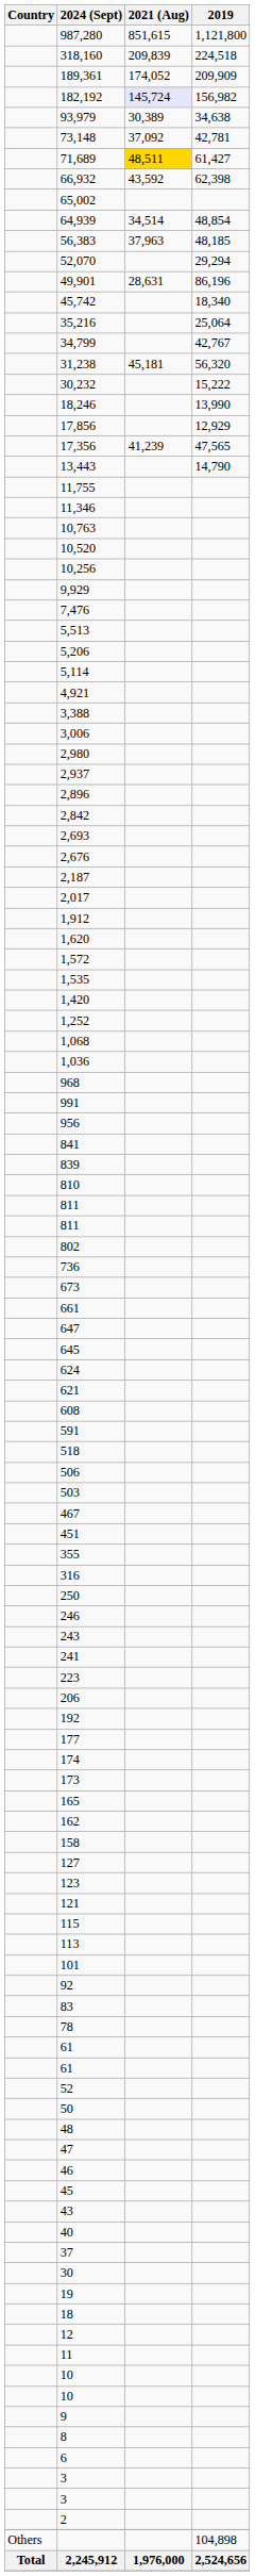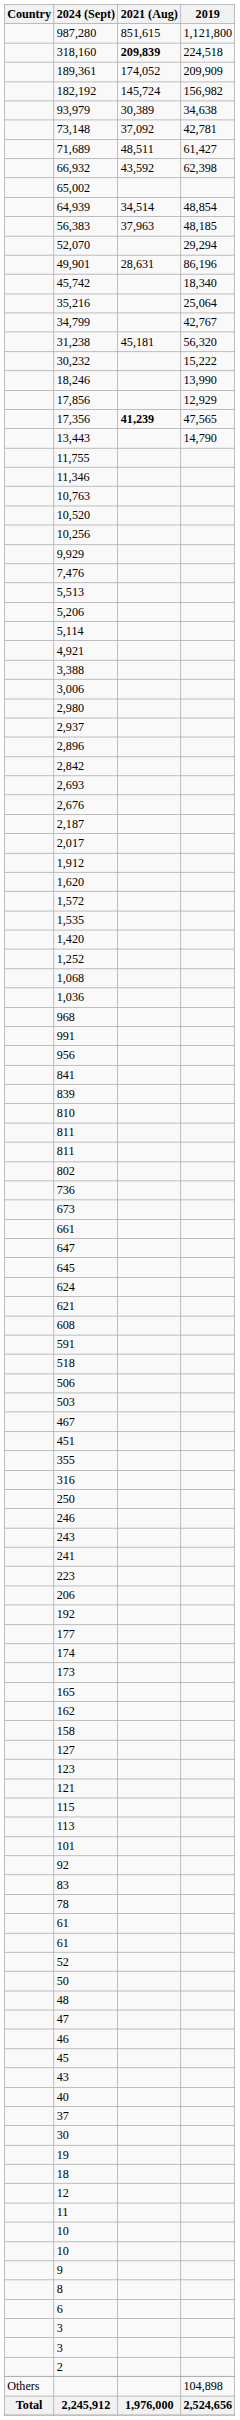 <table class="wikitable sortable static-row-numbers">
 <tr>
 <th>Country</th>
 <th>2024 (Sept)</th>
 <th>2021 (Aug)</th>
 <th>2019</th>
 </tr>
 <tr>
 <td></td>
 <td>987,280</td>
 <td>851,615</td>
 <td>1,121,800</td>
 </tr>
 <tr>
 <td></td>
 <td>318,160</td>
-<td>209,839</td>
+<td><strong>209,839</strong></td>
 <td>224,518</td>
 </tr>
 <tr>
 <td></td>
 <td>189,361</td>
 <td>174,052</td>
 <td>209,909</td>
 </tr>
 <tr>
 <td></td>
 <td>182,192</td>
-<td style="background: lavender;">145,724</td>
+<td>145,724</td>
 <td>156,982</td>
 </tr>
 <tr>
 <td></td>
 <td>93,979</td>
 <td>30,389</td>
 <td>34,638</td>
 </tr>
 <tr>
 <td></td>
 <td>73,148</td>
 <td>37,092</td>
 <td>42,781</td>
 </tr>
 <tr>
 <td></td>
 <td>71,689</td>
-<td style="background: gold;">48,511</td>
+<td>48,511</td>
 <td>61,427</td>
 </tr>
 <tr>
 <td></td>
 <td>66,932</td>
 <td>43,592</td>
 <td>62,398</td>
 </tr>
 <tr>
 <td></td>
 <td>65,002</td>
 <td></td>
 <td></td>
 </tr>
 <tr>
 <td></td>
 <td>64,939</td>
 <td>34,514</td>
 <td>48,854</td>
 </tr>
 <tr>
 <td></td>
 <td>56,383</td>
 <td>37,963</td>
 <td>48,185</td>
 </tr>
 <tr>
 <td></td>
 <td>52,070</td>
 <td></td>
 <td>29,294</td>
 </tr>
 <tr>
 <td></td>
 <td>49,901</td>
 <td>28,631</td>
 <td>86,196</td>
 </tr>
 <tr>
 <td></td>
 <td>45,742</td>
 <td></td>
 <td>18,340</td>
 </tr>
 <tr>
 <td></td>
 <td>35,216</td>
 <td></td>
 <td>25,064</td>
 </tr>
 <tr>
 <td></td>
 <td>34,799</td>
 <td></td>
 <td>42,767</td>
 </tr>
 <tr>
 <td></td>
 <td>31,238</td>
 <td>45,181</td>
 <td>56,320</td>
 </tr>
 <tr>
 <td></td>
 <td>30,232</td>
 <td></td>
 <td>15,222</td>
 </tr>
 <tr>
 <td></td>
 <td>18,246</td>
 <td></td>
 <td>13,990</td>
 </tr>
 <tr>
 <td></td>
 <td>17,856</td>
 <td></td>
 <td>12,929</td>
 </tr>
 <tr>
 <td></td>
 <td>17,356</td>
-<td>41,239</td>
+<td><strong>41,239</strong></td>
 <td>47,565</td>
 </tr>
 <tr>
 <td></td>
 <td>13,443</td>
 <td></td>
 <td>14,790</td>
 </tr>
 <tr>
 <td></td>
 <td>11,755</td>
 <td></td>
 <td></td>
 </tr>
 <tr>
 <td></td>
 <td>11,346</td>
 <td></td>
 <td></td>
 </tr>
 <tr>
 <td></td>
 <td>10,763</td>
 <td></td>
 <td></td>
 </tr>
 <tr>
 <td></td>
 <td>10,520</td>
 <td></td>
 <td></td>
 </tr>
 <tr>
 <td></td>
 <td>10,256</td>
 <td></td>
 <td></td>
 </tr>
 <tr>
 <td></td>
 <td>9,929</td>
 <td></td>
 <td></td>
 </tr>
 <tr>
 <td></td>
 <td>7,476</td>
 <td></td>
 <td></td>
 </tr>
 <tr>
 <td></td>
 <td>5,513</td>
 <td></td>
 <td></td>
 </tr>
 <tr>
 <td></td>
 <td>5,206</td>
 <td></td>
 <td></td>
 </tr>
 <tr>
 <td></td>
 <td>5,114</td>
 <td></td>
 <td></td>
 </tr>
 <tr>
 <td></td>
 <td>4,921</td>
 <td></td>
 <td></td>
 </tr>
 <tr>
 <td></td>
 <td>3,388</td>
 <td></td>
 <td></td>
 </tr>
 <tr>
 <td></td>
 <td>3,006</td>
 <td></td>
 <td></td>
 </tr>
 <tr>
 <td></td>
 <td>2,980</td>
 <td></td>
 <td></td>
 </tr>
 <tr>
 <td></td>
 <td>2,937</td>
 <td></td>
 <td></td>
 </tr>
 <tr>
 <td></td>
 <td>2,896</td>
 <td></td>
 <td></td>
 </tr>
 <tr>
 <td></td>
 <td>2,842</td>
 <td></td>
 <td></td>
 </tr>
 <tr>
 <td></td>
 <td>2,693</td>
 <td></td>
 <td></td>
 </tr>
 <tr>
 <td></td>
 <td>2,676</td>
 <td></td>
 <td></td>
 </tr>
 <tr>
 <td></td>
 <td>2,187</td>
 <td></td>
 <td></td>
 </tr>
 <tr>
 <td></td>
 <td>2,017</td>
 <td></td>
 <td></td>
 </tr>
 <tr>
 <td></td>
 <td>1,912</td>
 <td></td>
 <td></td>
 </tr>
 <tr>
 <td></td>
 <td>1,620</td>
 <td></td>
 <td></td>
 </tr>
 <tr>
 <td></td>
 <td>1,572</td>
 <td></td>
 <td></td>
 </tr>
 <tr>
 <td></td>
 <td>1,535</td>
 <td></td>
 <td></td>
 </tr>
 <tr>
 <td></td>
 <td>1,420</td>
 <td></td>
 <td></td>
 </tr>
 <tr>
 <td></td>
 <td>1,252</td>
 <td></td>
 <td></td>
 </tr>
 <tr>
 <td></td>
 <td>1,068</td>
 <td></td>
 <td></td>
 </tr>
 <tr>
 <td></td>
 <td>1,036</td>
 <td></td>
 <td></td>
 </tr>
 <tr>
 <td></td>
 <td>968</td>
 <td></td>
 <td></td>
 </tr>
 <tr>
 <td></td>
 <td>991</td>
 <td></td>
 <td></td>
 </tr>
 <tr>
 <td></td>
 <td>956</td>
 <td></td>
 <td></td>
 </tr>
 <tr>
 <td></td>
 <td>841</td>
 <td></td>
 <td></td>
 </tr>
 <tr>
 <td></td>
 <td>839</td>
 <td></td>
 <td></td>
 </tr>
 <tr>
 <td></td>
 <td>810</td>
 <td></td>
 <td></td>
 </tr>
 <tr>
 <td></td>
 <td>811</td>
 <td></td>
 <td></td>
 </tr>
 <tr>
 <td></td>
 <td>811</td>
 <td></td>
 <td></td>
 </tr>
 <tr>
 <td></td>
 <td>802</td>
 <td></td>
 <td></td>
 </tr>
 <tr>
 <td></td>
 <td>736</td>
 <td></td>
 <td></td>
 </tr>
 <tr>
 <td></td>
 <td>673</td>
 <td></td>
 <td></td>
 </tr>
 <tr>
 <td></td>
 <td>661</td>
 <td></td>
 <td></td>
 </tr>
 <tr>
 <td></td>
 <td>647</td>
 <td></td>
 <td></td>
 </tr>
 <tr>
 <td></td>
 <td>645</td>
 <td></td>
 <td></td>
 </tr>
 <tr>
 <td></td>
 <td>624</td>
 <td></td>
 <td></td>
 </tr>
 <tr>
 <td></td>
 <td>621</td>
 <td></td>
 <td></td>
 </tr>
 <tr>
 <td></td>
 <td>608</td>
 <td></td>
 <td></td>
 </tr>
 <tr>
 <td></td>
 <td>591</td>
 <td></td>
 <td></td>
 </tr>
 <tr>
 <td></td>
 <td>518</td>
 <td></td>
 <td></td>
 </tr>
 <tr>
 <td></td>
 <td>506</td>
 <td></td>
 <td></td>
 </tr>
 <tr>
 <td></td>
 <td>503</td>
 <td></td>
 <td></td>
 </tr>
 <tr>
 <td></td>
 <td>467</td>
 <td></td>
 <td></td>
 </tr>
 <tr>
 <td></td>
 <td>451</td>
 <td></td>
 <td></td>
 </tr>
 <tr>
 <td></td>
 <td>355</td>
 <td></td>
 <td></td>
 </tr>
 <tr>
 <td></td>
 <td>316</td>
 <td></td>
 <td></td>
 </tr>
 <tr>
 <td></td>
 <td>250</td>
 <td></td>
 <td></td>
 </tr>
 <tr>
 <td></td>
 <td>246</td>
 <td></td>
 <td></td>
 </tr>
 <tr>
 <td></td>
 <td>243</td>
 <td></td>
 <td></td>
 </tr>
 <tr>
 <td></td>
 <td>241</td>
 <td></td>
 <td></td>
 </tr>
 <tr>
 <td></td>
 <td>223</td>
 <td></td>
 <td></td>
 </tr>
 <tr>
 <td></td>
 <td>206</td>
 <td></td>
 <td></td>
 </tr>
 <tr>
 <td></td>
 <td>192</td>
 <td></td>
 <td></td>
 </tr>
 <tr>
 <td></td>
 <td>177</td>
 <td></td>
 <td></td>
 </tr>
 <tr>
 <td></td>
 <td>174</td>
 <td></td>
 <td></td>
 </tr>
 <tr>
 <td></td>
 <td>173</td>
 <td></td>
 <td></td>
 </tr>
 <tr>
 <td></td>
 <td>165</td>
 <td></td>
 <td></td>
 </tr>
 <tr>
 <td></td>
 <td>162</td>
 <td></td>
 <td></td>
 </tr>
 <tr>
 <td></td>
 <td>158</td>
 <td></td>
 <td></td>
 </tr>
 <tr>
 <td></td>
 <td>127</td>
 <td></td>
 <td></td>
 </tr>
 <tr>
 <td></td>
 <td>123</td>
 <td></td>
 <td></td>
 </tr>
 <tr>
 <td></td>
 <td>121</td>
 <td></td>
 <td></td>
 </tr>
 <tr>
 <td></td>
 <td>115</td>
 <td></td>
 <td></td>
 </tr>
 <tr>
 <td></td>
 <td>113</td>
 <td></td>
 <td></td>
 </tr>
 <tr>
 <td></td>
 <td>101</td>
 <td></td>
 <td></td>
 </tr>
 <tr>
 <td></td>
 <td>92</td>
 <td></td>
 <td></td>
 </tr>
 <tr>
 <td></td>
 <td>83</td>
 <td></td>
 <td></td>
 </tr>
 <tr>
 <td></td>
 <td>78</td>
 <td></td>
 <td></td>
 </tr>
 <tr>
 <td></td>
 <td>61</td>
 <td></td>
 <td></td>
 </tr>
 <tr>
 <td></td>
 <td>61</td>
 <td></td>
 <td></td>
 </tr>
 <tr>
 <td></td>
 <td>52</td>
 <td></td>
 <td></td>
 </tr>
 <tr>
 <td></td>
 <td>50</td>
 <td></td>
 <td></td>
 </tr>
 <tr>
 <td></td>
 <td>48</td>
 <td></td>
 <td></td>
 </tr>
 <tr>
 <td></td>
 <td>47</td>
 <td></td>
 <td></td>
 </tr>
 <tr>
 <td></td>
 <td>46</td>
 <td></td>
 <td></td>
 </tr>
 <tr>
 <td></td>
 <td>45</td>
 <td></td>
 <td></td>
 </tr>
 <tr>
 <td></td>
 <td>43</td>
 <td></td>
 <td></td>
 </tr>
 <tr>
 <td></td>
 <td>40</td>
 <td></td>
 <td></td>
 </tr>
 <tr>
 <td></td>
 <td>37</td>
 <td></td>
 <td></td>
 </tr>
 <tr>
 <td></td>
 <td>30</td>
 <td></td>
 <td></td>
 </tr>
 <tr>
 <td></td>
 <td>19</td>
 <td></td>
 <td></td>
 </tr>
 <tr>
 <td></td>
 <td>18</td>
 <td></td>
 <td></td>
 </tr>
 <tr>
 <td></td>
 <td>12</td>
 <td></td>
 <td></td>
 </tr>
 <tr>
 <td></td>
 <td>11</td>
 <td></td>
 <td></td>
 </tr>
 <tr>
 <td></td>
 <td>10</td>
 <td></td>
 <td></td>
 </tr>
 <tr>
 <td></td>
 <td>10</td>
 <td></td>
 <td></td>
 </tr>
 <tr>
 <td></td>
 <td>9</td>
 <td></td>
 <td></td>
 </tr>
 <tr>
 <td></td>
 <td>8</td>
 <td></td>
 <td></td>
 </tr>
 <tr>
 <td></td>
 <td>6</td>
 <td></td>
 <td></td>
 </tr>
 <tr>
 <td></td>
 <td>3</td>
 <td></td>
 <td></td>
 </tr>
 <tr>
 <td></td>
 <td>3</td>
 <td></td>
 <td></td>
 </tr>
 <tr>
 <td></td>
 <td>2</td>
 <td></td>
 <td></td>
 </tr>
 <tr>
 </tr>
 <tr class="sortbottom">
 <td>Others</td>
 <td></td>
 <td></td>
 <td>104,898</td>
 </tr>
 <tr>
 <th><strong>Total</strong></th>
 <th>2,245,912</th>
 <th>1,976,000</th>
 <th>2,524,656</th>
 </tr>
 <tr>
 </tr>
 </table>
